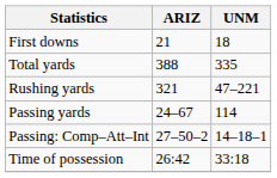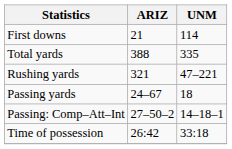 <table class="wikitable" style="float: left;">
 <tr>
 <th>Statistics</th>
 <th>ARIZ</th>
 <th>UNM</th>
 </tr>
 <tr>
 <td>First downs</td>
 <td>21</td>
-<td>18</td>
+<td>114</td>
 </tr>
 <tr>
 <td>Total yards</td>
 <td>388</td>
 <td>335</td>
 </tr>
 <tr>
 <td>Rushing yards</td>
 <td>321</td>
 <td>47–221</td>
 </tr>
 <tr>
 <td>Passing yards</td>
 <td>24–67</td>
-<td>114</td>
+<td>18</td>
 </tr>
 <tr>
 <td>Passing: Comp–Att–Int</td>
 <td>27–50–2</td>
 <td>14–18–1</td>
 </tr>
 <tr>
 <td>Time of possession</td>
 <td>26:42</td>
 <td>33:18</td>
 </tr>
 <tr>
 </tr>
 </table>
